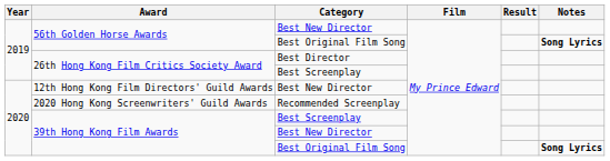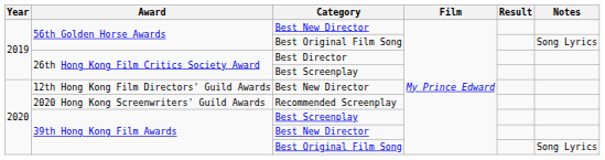 <table class="wikitable">
 <tr>
 <th>Year</th>
 <th>Award</th>
 <th>Category</th>
 <th>Film</th>
 <th>Result</th>
 <th>Notes</th>
 </tr>
 <tr>
 <td rowspan="4">2019</td>
 <td rowspan="2"><a href='#'>56th Golden Horse Awards</a></td>
 <td><a href='#'>Best New Director</a></td>
 <td rowspan="9"><em><a href='#'>My Prince Edward</a></em></td>
 <td></td>
 <td></td>
 </tr>
 <tr>
 <td Best Original Film Song>Best Original Film Song</td>
 <td></td>
-<td><strong>Song Lyrics</strong></td>
+<td>Song Lyrics</td>
 </tr>
 <tr>
 <td rowspan="2">26th <a href='#'>Hong Kong Film Critics Society Award</a></td>
 <td Best Director>Best Director</td>
 <td></td>
 <td></td>
 </tr>
 <tr>
 <td Best Screenplay>Best Screenplay</td>
 <td></td>
 <td></td>
 </tr>
 <tr>
 <td rowspan="5">2020</td>
 <td>12th Hong Kong Film Directors' Guild Awards</td>
 <td Best New Director>Best New Director</td>
 <td></td>
 <td></td>
 </tr>
 <tr>
 <td>2020 Hong Kong Screenwriters' Guild Awards</td>
 <td Recommended Screenplay>Recommended Screenplay</td>
 <td></td>
 <td></td>
 </tr>
 <tr>
 <td rowspan="3"><a href='#'>39th Hong Kong Film Awards</a></td>
 <td><a href='#'>Best Screenplay</a></td>
 <td></td>
 <td></td>
 </tr>
 <tr>
 <td><a href='#'>Best New Director</a></td>
 <td></td>
 <td></td>
 </tr>
 <tr>
 <td><a href='#'>Best Original Film Song</a></td>
 <td></td>
-<td><strong>Song Lyrics</strong></td>
+<td>Song Lyrics</td>
 </tr>
 </table>
